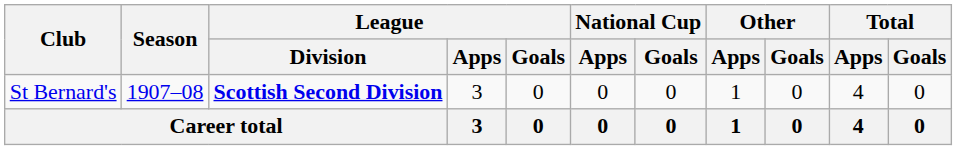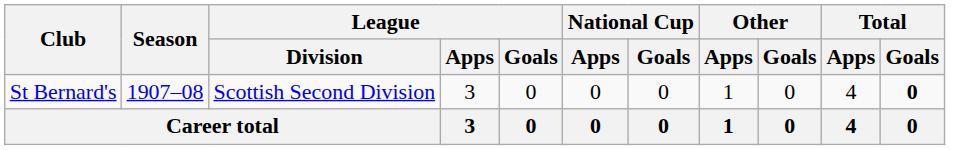 <table class="wikitable" style="text-align: center">
 <tr>
 <th rowspan="2">Club</th>
 <th rowspan="2">Season</th>
 <th colspan="3">League</th>
 <th colspan="2">National Cup</th>
 <th colspan="2">Other</th>
 <th colspan="2">Total</th>
 </tr>
 <tr>
 <th>Division</th>
 <th>Apps</th>
 <th>Goals</th>
 <th>Apps</th>
 <th>Goals</th>
 <th>Apps</th>
 <th>Goals</th>
 <th>Apps</th>
 <th>Goals</th>
 </tr>
 <tr>
 <td><a href='#'>St Bernard's</a></td>
 <td><a href='#'>1907–08</a></td>
-<td><strong><a href='#'>Scottish Second Division</a></strong></td>
+<td><a href='#'>Scottish Second Division</a></td>
 <td>3</td>
 <td>0</td>
 <td>0</td>
 <td>0</td>
 <td>1</td>
 <td>0</td>
 <td>4</td>
-<td>0</td>
+<td><strong>0</strong></td>
 </tr>
 <tr>
 <th colspan="3">Career total</th>
 <th>3</th>
 <th>0</th>
 <th>0</th>
 <th>0</th>
 <th>1</th>
 <th>0</th>
 <th>4</th>
 <th>0</th>
 </tr>
 </table>
